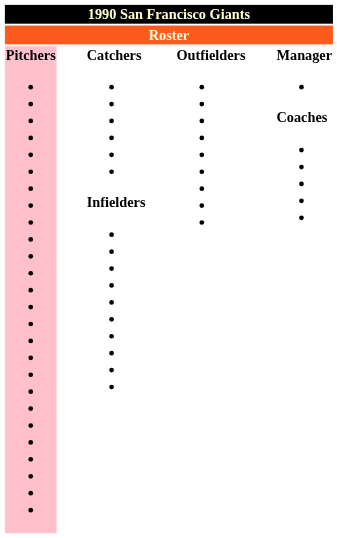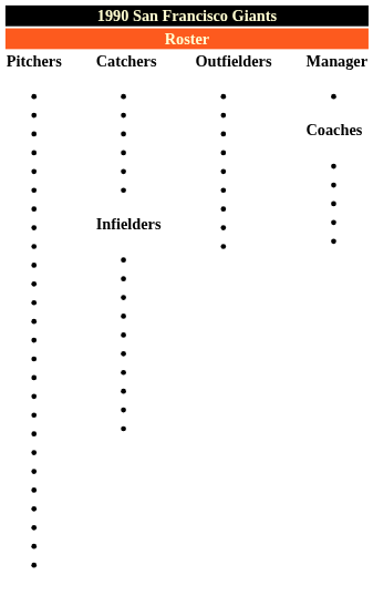 <table class="toccolours" style="font-size: 95%;">
 <tr>
 <th colspan="10" style="background-color: black; color: #FFFDD0; text-align: center;">1990 San Francisco Giants</th>
 </tr>
 <tr>
 <td colspan="10" style="background-color: #fd5a1e; color: #FFFDD0; text-align: center;"><strong>Roster</strong></td>
 </tr>
 <tr>
-<td valign="top" style="background: pink;"><strong>Pitchers</strong><br><ul><li></li><li></li><li></li><li></li><li></li><li></li><li></li><li></li><li></li><li></li><li></li><li></li><li></li><li></li><li></li><li></li><li></li><li></li><li></li><li></li><li></li><li></li><li></li><li></li><li></li><li></li></ul></td>
+<td valign="top"><strong>Pitchers</strong><br><ul><li></li><li></li><li></li><li></li><li></li><li></li><li></li><li></li><li></li><li></li><li></li><li></li><li></li><li></li><li></li><li></li><li></li><li></li><li></li><li></li><li></li><li></li><li></li><li></li><li></li><li></li></ul></td>
 <td width="25px"></td>
 <td valign="top"><strong>Catchers</strong><br><ul><li></li><li></li><li></li><li></li><li></li><li></li></ul><strong>Infielders</strong><ul><li></li><li></li><li></li><li></li><li></li><li></li><li></li><li></li><li></li><li></li></ul></td>
 <td width="25px"></td>
 <td valign="top"><strong>Outfielders</strong><br><ul><li></li><li></li><li></li><li></li><li></li><li></li><li></li><li></li><li></li></ul></td>
 <td width="25px"></td>
 <td valign="top"><strong>Manager</strong><br><ul><li></li></ul><strong>Coaches</strong><ul><li></li><li></li><li></li><li></li><li></li></ul></td>
 </tr>
 <tr>
 </tr>
 </table>
